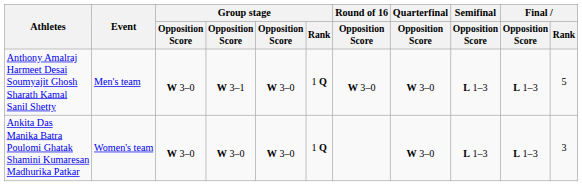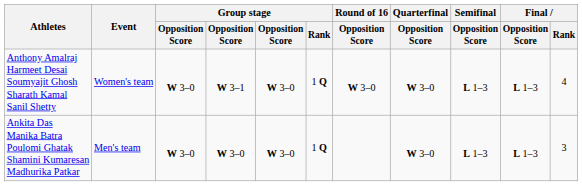 <table class=wikitable style=font-size:88%;text-align:center>
 <tr>
 <th rowspan=2>Athletes</th>
 <th rowspan=2>Event</th>
 <th colspan=4>Group stage</th>
 <th>Round of 16</th>
 <th>Quarterfinal</th>
 <th>Semifinal</th>
 <th colspan=2>Final / </th>
 </tr>
 <tr style=font-size:95%>
 <th>Opposition<br>Score</th>
 <th>Opposition<br>Score</th>
 <th>Opposition<br>Score</th>
 <th>Rank</th>
 <th>Opposition<br>Score</th>
 <th>Opposition<br>Score</th>
 <th>Opposition<br>Score</th>
 <th>Opposition<br>Score</th>
 <th>Rank</th>
 </tr>
 <tr>
 <td align=left><a href='#'>Anthony Amalraj</a><br><a href='#'>Harmeet Desai</a><br><a href='#'>Soumyajit Ghosh</a><br><a href='#'>Sharath Kamal</a><br><a href='#'>Sanil Shetty</a></td>
-<td align=left><a href='#'>Men's team</a></td>
+<td align=left><a href='#'>Women's team</a></td>
 <td><br><strong>W</strong> 3–0</td>
 <td><br><strong>W</strong> 3–1</td>
 <td><br><strong>W</strong> 3–0</td>
 <td>1 <strong>Q</strong></td>
 <td><br><strong>W</strong> 3–0</td>
 <td><br><strong>W</strong> 3–0</td>
 <td><br><strong>L</strong> 1–3</td>
 <td><br><strong>L</strong> 1–3</td>
-<td>5</td>
+<td>4</td>
 </tr>
 <tr>
 <td align=left><a href='#'>Ankita Das</a><br><a href='#'>Manika Batra</a><br><a href='#'>Poulomi Ghatak</a><br><a href='#'>Shamini Kumaresan</a><br><a href='#'>Madhurika Patkar</a></td>
-<td align=left><a href='#'>Women's team</a></td>
+<td align=left><a href='#'>Men's team</a></td>
 <td><br><strong>W</strong> 3–0</td>
 <td><br><strong>W</strong> 3–0</td>
 <td><br><strong>W</strong> 3–0</td>
 <td>1 <strong>Q</strong></td>
 <td></td>
 <td><br><strong>W</strong> 3–0</td>
 <td><br><strong>L</strong> 1–3</td>
 <td><br><strong>L</strong> 1–3</td>
 <td>3</td>
 </tr>
 </table>
